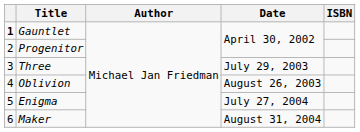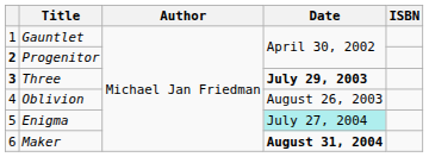 <table class="wikitable">
 <tr>
 <th></th>
 <th>Title</th>
 <th>Author</th>
 <th>Date</th>
 <th>ISBN</th>
 </tr>
 <tr>
-<td><strong>1</strong></td>
+<td>1</td>
 <td><em>Gauntlet</em></td>
 <td rowspan="6">Michael Jan Friedman</td>
 <td rowspan="2">April 30, 2002</td>
 <td></td>
 </tr>
 <tr>
-<td>2</td>
+<td><strong>2</strong></td>
 <td><em>Progenitor</em></td>
 <td></td>
 </tr>
 <tr>
-<td>3</td>
+<td><strong>3</strong></td>
 <td><em>Three</em></td>
-<td>July 29, 2003</td>
+<td><strong>July 29, 2003</strong></td>
 <td></td>
 </tr>
 <tr>
 <td>4</td>
 <td><em>Oblivion</em></td>
 <td>August 26, 2003</td>
 <td></td>
 </tr>
 <tr>
 <td>5</td>
 <td><em>Enigma</em></td>
-<td>July 27, 2004</td>
+<td style="background: paleturquoise;">July 27, 2004</td>
 <td></td>
 </tr>
 <tr>
 <td>6</td>
 <td><em>Maker</em></td>
-<td>August 31, 2004</td>
+<td><strong>August 31, 2004</strong></td>
 <td></td>
 </tr>
 </table>
